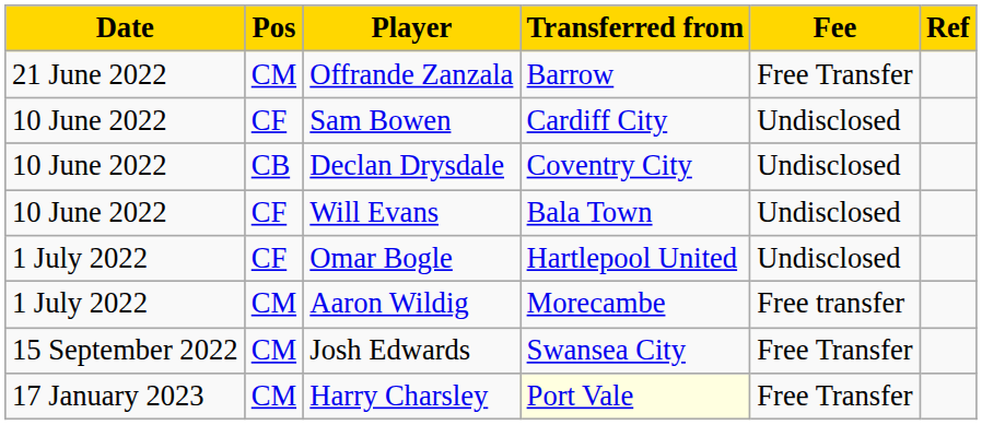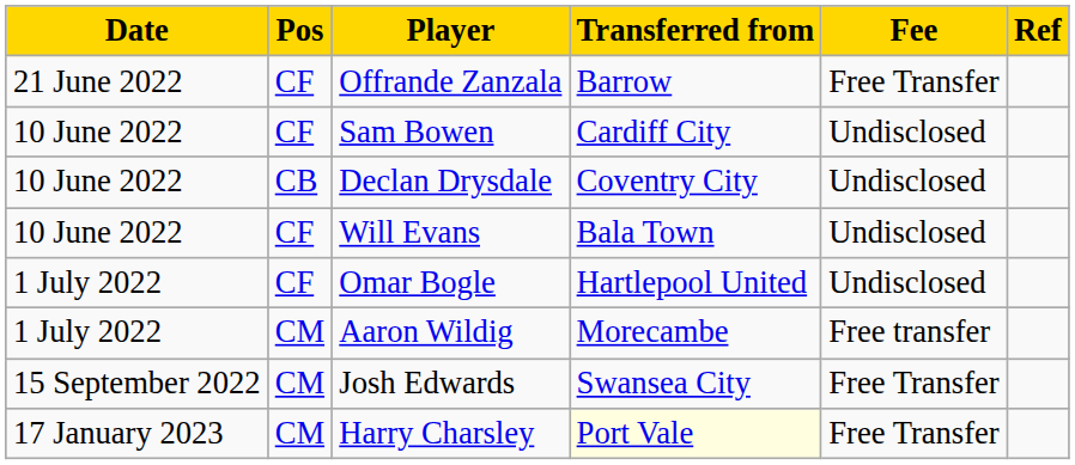 <table class="wikitable plainrowheaders sortable">
 <tr>
 <th style="background:#FFD700; color:#000000; ">Date</th>
 <th style="background:#FFD700; color:#000000; ">Pos</th>
 <th style="background:#FFD700; color:#000000; ">Player</th>
 <th style="background:#FFD700; color:#000000; ">Transferred from</th>
 <th style="background:#FFD700; color:#000000; ">Fee</th>
 <th style="background:#FFD700; color:#000000; ">Ref</th>
 </tr>
 <tr>
 <td>21 June 2022</td>
-<td><a href='#'>CM</a></td>
+<td><a href='#'>CF</a></td>
 <td> <a href='#'>Offrande Zanzala</a></td>
 <td> <a href='#'>Barrow</a></td>
 <td>Free Transfer</td>
 <td></td>
 </tr>
 <tr>
 <td>10 June 2022</td>
 <td><a href='#'>CF</a></td>
 <td> <a href='#'>Sam Bowen</a></td>
 <td> <a href='#'>Cardiff City</a></td>
 <td>Undisclosed</td>
 <td></td>
 </tr>
 <tr>
 <td>10 June 2022</td>
 <td><a href='#'>CB</a></td>
 <td> <a href='#'>Declan Drysdale</a></td>
 <td> <a href='#'>Coventry City</a></td>
 <td>Undisclosed</td>
 <td></td>
 </tr>
 <tr>
 <td>10 June 2022</td>
 <td><a href='#'>CF</a></td>
 <td> <a href='#'>Will Evans</a></td>
 <td> <a href='#'>Bala Town</a></td>
 <td>Undisclosed</td>
 <td></td>
 </tr>
 <tr>
 <td>1 July 2022</td>
 <td><a href='#'>CF</a></td>
 <td> <a href='#'>Omar Bogle</a></td>
 <td> <a href='#'>Hartlepool United</a></td>
 <td>Undisclosed</td>
 <td></td>
 </tr>
 <tr>
 <td>1 July 2022</td>
 <td><a href='#'>CM</a></td>
 <td> <a href='#'>Aaron Wildig</a></td>
 <td> <a href='#'>Morecambe</a></td>
 <td>Free transfer</td>
 <td></td>
 </tr>
 <tr>
 <td>15 September 2022</td>
 <td><a href='#'>CM</a></td>
 <td> Josh Edwards</td>
 <td> <a href='#'>Swansea City</a></td>
 <td>Free Transfer</td>
 <td></td>
 </tr>
 <tr>
 <td>17 January 2023</td>
 <td><a href='#'>CM</a></td>
 <td> <a href='#'>Harry Charsley</a></td>
 <td style="background: lightyellow;"> <a href='#'>Port Vale</a></td>
 <td>Free Transfer</td>
 <td></td>
 </tr>
 </table>
